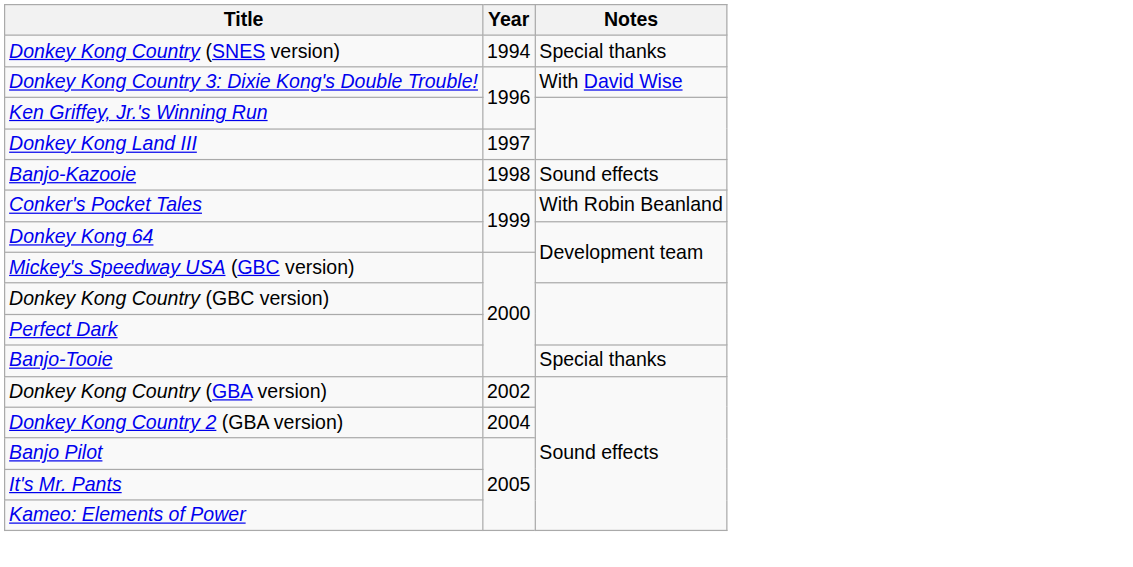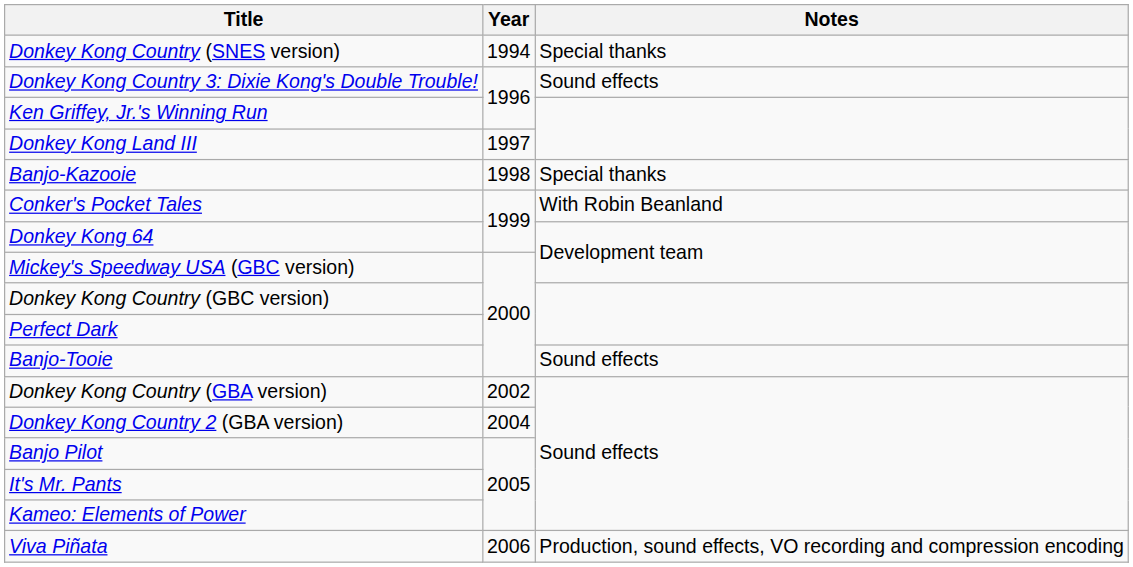 <table class="wikitable sortable">
 <tr>
 <th>Title</th>
 <th>Year</th>
 <th>Notes</th>
 </tr>
 <tr>
 <td><em><a href='#'>Donkey Kong Country</a></em> (<a href='#'>SNES</a> version)</td>
 <td>1994</td>
 <td>Special thanks</td>
 </tr>
 <tr>
 <td><em><a href='#'>Donkey Kong Country 3: Dixie Kong's Double Trouble!</a></em></td>
 <td rowspan="2">1996</td>
-<td>With <a href='#'>David Wise</a></td>
+<td>Sound effects</td>
 </tr>
 <tr>
 <td><em><a href='#'>Ken Griffey, Jr.'s Winning Run</a></em></td>
 <td rowspan="2"></td>
 </tr>
 <tr>
 <td><em><a href='#'>Donkey Kong Land III</a></em></td>
 <td>1997</td>
 </tr>
 <tr>
 <td><em><a href='#'>Banjo-Kazooie</a></em></td>
 <td>1998</td>
-<td>Sound effects</td>
+<td>Special thanks</td>
 </tr>
 <tr>
 <td><em><a href='#'>Conker's Pocket Tales</a></em></td>
 <td rowspan="2">1999</td>
 <td>With Robin Beanland</td>
 </tr>
 <tr>
 <td><em><a href='#'>Donkey Kong 64</a></em></td>
 <td rowspan="2">Development team</td>
 </tr>
 <tr>
 <td><em><a href='#'>Mickey's Speedway USA</a></em> (<a href='#'>GBC</a> version)</td>
 <td rowspan="4">2000</td>
 </tr>
 <tr>
 <td><em>Donkey Kong Country</em> (GBC version)</td>
 <td rowspan="2"></td>
 </tr>
 <tr>
 <td><em><a href='#'>Perfect Dark</a></em></td>
 </tr>
 <tr>
 <td><em><a href='#'>Banjo-Tooie</a></em></td>
-<td>Special thanks</td>
+<td>Sound effects</td>
 </tr>
 <tr>
 <td><em>Donkey Kong Country</em> (<a href='#'>GBA</a> version)</td>
 <td>2002</td>
 <td rowspan="5">Sound effects</td>
 </tr>
 <tr>
 <td><em><a href='#'>Donkey Kong Country 2</a></em> (GBA version)</td>
 <td>2004</td>
 </tr>
 <tr>
 <td><em><a href='#'>Banjo Pilot</a></em></td>
 <td rowspan="3">2005</td>
 </tr>
 <tr>
 <td><em><a href='#'>It's Mr. Pants</a></em></td>
 </tr>
 <tr>
 <td><em><a href='#'>Kameo: Elements of Power</a></em></td>
 </tr>
+<tr>
+<td><em><a href='#'>Viva Piñata</a></em></td>
+<td>2006</td>
+<td>Production, sound effects, VO recording and compression encoding</td>
+</tr>
 </table>
